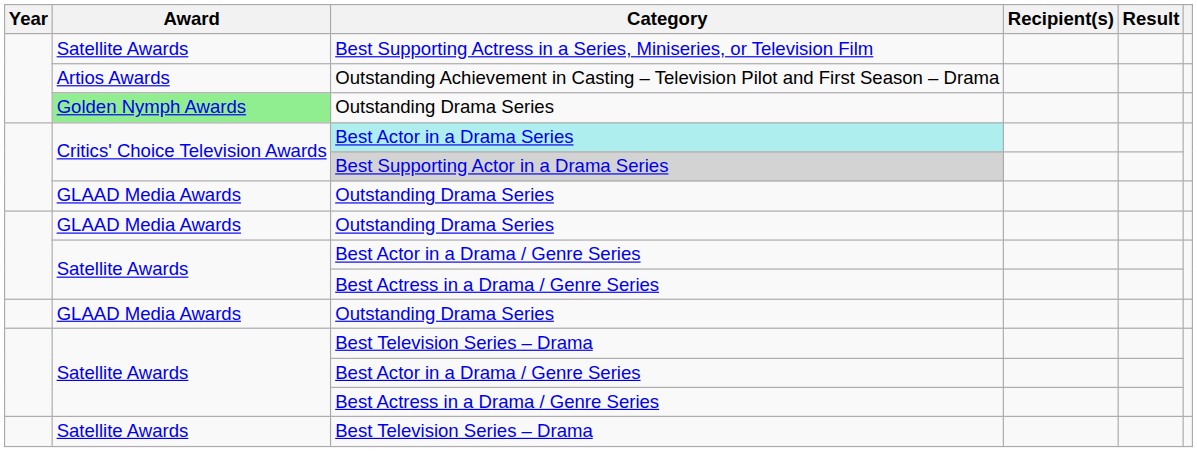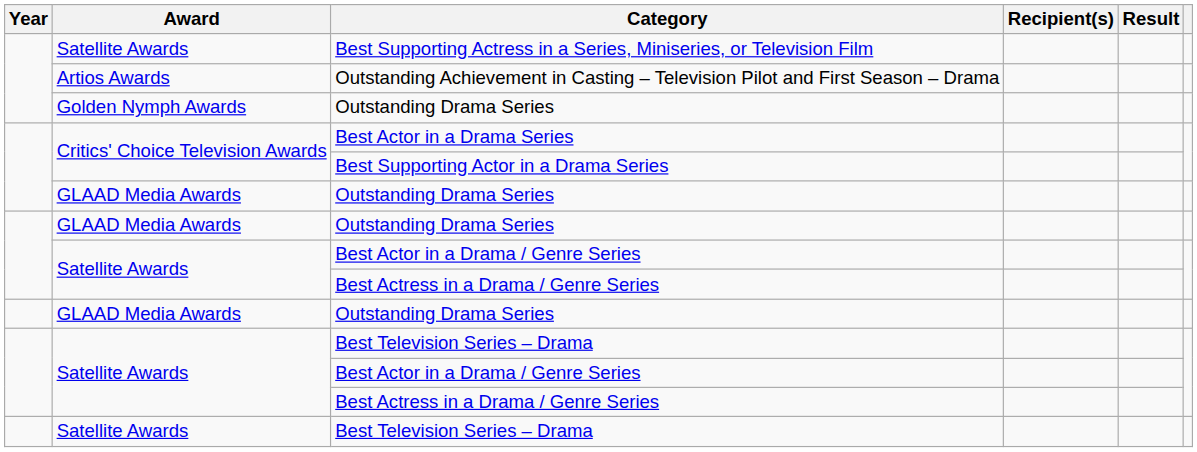 <table class="wikitable sortable">
 <tr>
 <th>Year</th>
 <th>Award</th>
 <th>Category</th>
 <th>Recipient(s)</th>
 <th>Result</th>
 <th></th>
 </tr>
 <tr>
 <td rowspan="3"></td>
 <td><a href='#'>Satellite Awards</a></td>
 <td><a href='#'>Best Supporting Actress in a Series, Miniseries, or Television Film</a></td>
 <td></td>
 <td></td>
 <td></td>
 </tr>
 <tr>
 <td><a href='#'>Artios Awards</a></td>
 <td>Outstanding Achievement in Casting – Television Pilot and First Season – Drama</td>
 <td></td>
 <td></td>
 <td></td>
 </tr>
 <tr>
-<td style="background: lightgreen;"><a href='#'>Golden Nymph Awards</a></td>
+<td><a href='#'>Golden Nymph Awards</a></td>
 <td>Outstanding Drama Series</td>
 <td></td>
 <td></td>
 <td></td>
 </tr>
 <tr>
 <td rowspan="3"></td>
 <td rowspan="2"><a href='#'>Critics' Choice Television Awards</a></td>
-<td style="background: paleturquoise;"><a href='#'>Best Actor in a Drama Series</a></td>
+<td><a href='#'>Best Actor in a Drama Series</a></td>
 <td></td>
 <td></td>
 <td rowspan="2"></td>
 </tr>
 <tr>
-<td style="background: lightgrey;"><a href='#'>Best Supporting Actor in a Drama Series</a></td>
+<td><a href='#'>Best Supporting Actor in a Drama Series</a></td>
 <td></td>
 <td></td>
 </tr>
 <tr>
 <td><a href='#'>GLAAD Media Awards</a></td>
 <td><a href='#'>Outstanding Drama Series</a></td>
 <td></td>
 <td></td>
 <td></td>
 </tr>
 <tr>
 <td rowspan="3"></td>
 <td><a href='#'>GLAAD Media Awards</a></td>
 <td><a href='#'>Outstanding Drama Series</a></td>
 <td></td>
 <td></td>
 <td></td>
 </tr>
 <tr>
 <td rowspan="2"><a href='#'>Satellite Awards</a></td>
 <td><a href='#'>Best Actor in a Drama / Genre Series</a></td>
 <td></td>
 <td></td>
 <td rowspan="2"></td>
 </tr>
 <tr>
 <td><a href='#'>Best Actress in a Drama / Genre Series</a></td>
 <td></td>
 <td></td>
 </tr>
 <tr>
 <td rowspan="1"></td>
 <td><a href='#'>GLAAD Media Awards</a></td>
 <td><a href='#'>Outstanding Drama Series</a></td>
 <td></td>
 <td></td>
 <td></td>
 </tr>
 <tr>
 <td rowspan="3"></td>
 <td rowspan="3"><a href='#'>Satellite Awards</a></td>
 <td><a href='#'>Best Television Series – Drama</a></td>
 <td></td>
 <td></td>
 <td rowspan="3"></td>
 </tr>
 <tr>
 <td><a href='#'>Best Actor in a Drama / Genre Series</a></td>
 <td></td>
 <td></td>
 </tr>
 <tr>
 <td><a href='#'>Best Actress in a Drama / Genre Series</a></td>
 <td></td>
 <td></td>
 </tr>
 <tr>
 <td rowspan="1"></td>
 <td><a href='#'>Satellite Awards</a></td>
 <td><a href='#'>Best Television Series – Drama</a></td>
 <td></td>
 <td></td>
 <td></td>
 </tr>
 </table>
